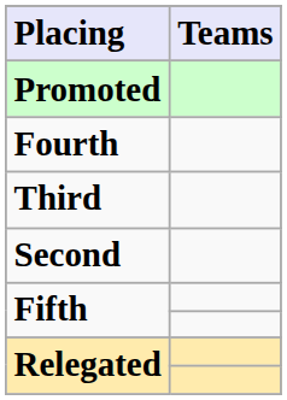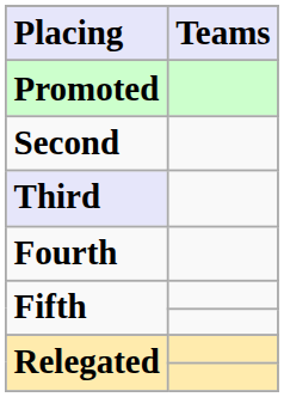 <table class=wikitable>
 <tr>
 </tr>
 <tr style="background: #E6E6FA;">
 <td><strong>Placing</strong></td>
 <td><strong>Teams</strong></td>
 </tr>
 <tr style="background: #ccffcc;">
 <td><strong>Promoted</strong></td>
 <td></td>
 </tr>
 <tr>
-<td><strong>Fourth</strong></td>
+<td><strong>Second</strong></td>
 <td></td>
 </tr>
 <tr>
-<td><strong>Third</strong></td>
+<td style="background: lavender;"><strong>Third</strong></td>
 <td></td>
 </tr>
 <tr>
-<td><strong>Second</strong></td>
+<td><strong>Fourth</strong></td>
 <td></td>
 </tr>
 <tr>
 <td rowspan="2"><strong>Fifth</strong></td>
 <td></td>
 </tr>
 <tr>
 <td></td>
 </tr>
 <tr style="background: #ffebad;">
 <td rowspan="2"><strong>Relegated</strong></td>
 <td></td>
 </tr>
 <tr style="background: #ffebad;">
 <td></td>
 </tr>
 </table>
